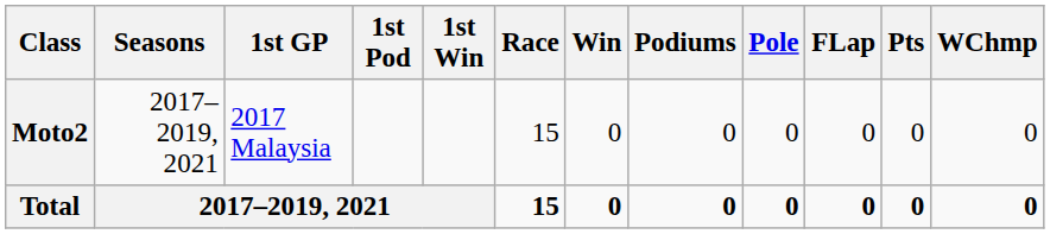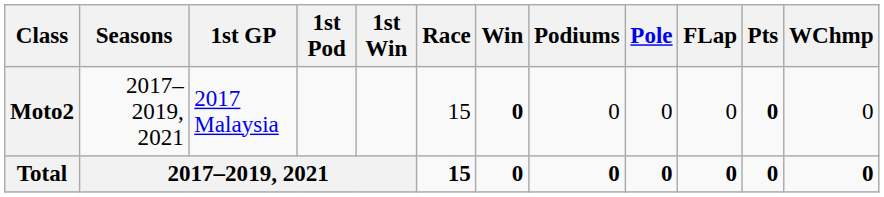 <table class="wikitable" style=text-align:right>
 <tr>
 <th>Class</th>
 <th>Seasons</th>
 <th>1st GP</th>
 <th>1st Pod</th>
 <th>1st Win</th>
 <th>Race</th>
 <th>Win</th>
 <th>Podiums</th>
 <th><a href='#'>Pole</a></th>
 <th>FLap</th>
 <th>Pts</th>
 <th>WChmp</th>
 </tr>
 <tr>
 <th>Moto2</th>
 <td>2017–2019, 2021</td>
 <td align="left"><a href='#'>2017 Malaysia</a></td>
 <td align="left"></td>
 <td align="left"></td>
 <td>15</td>
+<td><strong>0</strong></td>
 <td>0</td>
 <td>0</td>
 <td>0</td>
-<td>0</td>
-<td>0</td>
+<td><strong>0</strong></td>
 <td>0</td>
 </tr>
 <tr>
 <th>Total</th>
 <th colspan="4">2017–2019, 2021</th>
 <td><strong>15</strong></td>
 <td><strong>0</strong></td>
 <td><strong>0</strong></td>
 <td><strong>0</strong></td>
 <td><strong>0</strong></td>
 <td><strong>0</strong></td>
 <td><strong>0</strong></td>
 </tr>
 </table>
